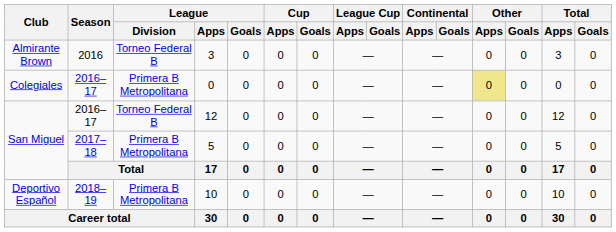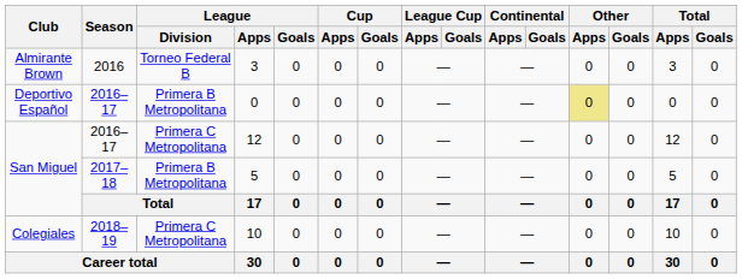 <table class="wikitable" style="text-align:center">
 <tr>
 <th rowspan="2">Club</th>
 <th rowspan="2">Season</th>
 <th colspan="3">League</th>
 <th colspan="2">Cup</th>
 <th colspan="2">League Cup</th>
 <th colspan="2">Continental</th>
 <th colspan="2">Other</th>
 <th colspan="2">Total</th>
 </tr>
 <tr>
 <th>Division</th>
 <th>Apps</th>
 <th>Goals</th>
 <th>Apps</th>
 <th>Goals</th>
 <th>Apps</th>
 <th>Goals</th>
 <th>Apps</th>
 <th>Goals</th>
 <th>Apps</th>
 <th>Goals</th>
 <th>Apps</th>
 <th>Goals</th>
 </tr>
 <tr>
 <td rowspan="1"><a href='#'>Almirante Brown</a></td>
 <td>2016</td>
 <td rowspan="1"><a href='#'>Torneo Federal B</a></td>
 <td>3</td>
 <td>0</td>
 <td>0</td>
 <td>0</td>
 <td colspan="2">—</td>
 <td colspan="2">—</td>
 <td>0</td>
 <td>0</td>
 <td>3</td>
 <td>0</td>
 </tr>
 <tr>
-<td rowspan="1"><a href='#'>Colegiales</a></td>
+<td rowspan="1"><a href='#'>Deportivo Español</a></td>
 <td><a href='#'>2016–17</a></td>
 <td rowspan="1"><a href='#'>Primera B Metropolitana</a></td>
 <td>0</td>
 <td>0</td>
 <td>0</td>
 <td>0</td>
 <td colspan="2">—</td>
 <td colspan="2">—</td>
 <td style="background: khaki;">0</td>
 <td>0</td>
 <td>0</td>
 <td>0</td>
 </tr>
 <tr>
 <td rowspan="3"><a href='#'>San Miguel</a></td>
 <td>2016–17</td>
-<td rowspan="1"><a href='#'>Torneo Federal B</a></td>
+<td rowspan="1"><a href='#'>Primera C Metropolitana</a></td>
 <td>12</td>
 <td>0</td>
 <td>0</td>
 <td>0</td>
 <td colspan="2">—</td>
 <td colspan="2">—</td>
 <td>0</td>
 <td>0</td>
 <td>12</td>
 <td>0</td>
 </tr>
 <tr>
 <td><a href='#'>2017–18</a></td>
 <td rowspan="1"><a href='#'>Primera B Metropolitana</a></td>
 <td>5</td>
 <td>0</td>
 <td>0</td>
 <td>0</td>
 <td colspan="2">—</td>
 <td colspan="2">—</td>
 <td>0</td>
 <td>0</td>
 <td>5</td>
 <td>0</td>
 </tr>
 <tr>
 <th colspan="2">Total</th>
 <th>17</th>
 <th>0</th>
 <th>0</th>
 <th>0</th>
 <th colspan="2">—</th>
 <th colspan="2">—</th>
 <th>0</th>
 <th>0</th>
 <th>17</th>
 <th>0</th>
 </tr>
 <tr>
-<td rowspan="1"><a href='#'>Deportivo Español</a></td>
+<td rowspan="1"><a href='#'>Colegiales</a></td>
 <td><a href='#'>2018–19</a></td>
-<td rowspan="1"><a href='#'>Primera B Metropolitana</a></td>
+<td rowspan="1"><a href='#'>Primera C Metropolitana</a></td>
 <td>10</td>
 <td>0</td>
 <td>0</td>
 <td>0</td>
 <td colspan="2">—</td>
 <td colspan="2">—</td>
 <td>0</td>
 <td>0</td>
 <td>10</td>
 <td>0</td>
 </tr>
 <tr>
 <th colspan="3">Career total</th>
 <th>30</th>
 <th>0</th>
 <th>0</th>
 <th>0</th>
 <th colspan="2">—</th>
 <th colspan="2">—</th>
 <th>0</th>
 <th>0</th>
 <th>30</th>
 <th>0</th>
 </tr>
 </table>
